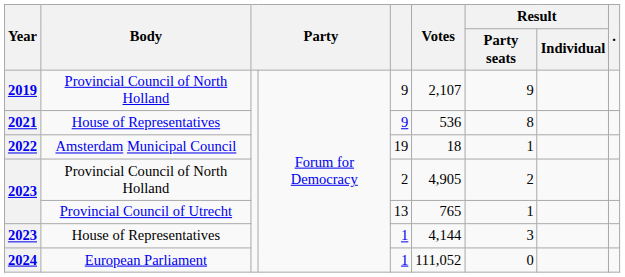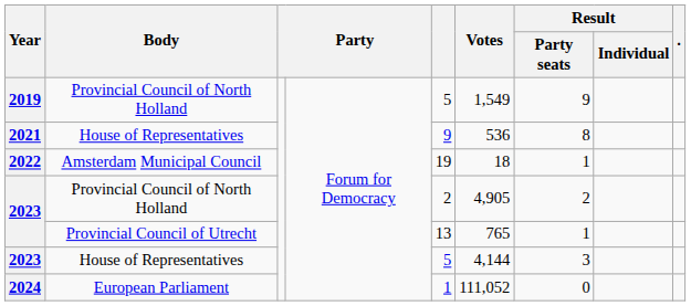 <table class="wikitable plainrowheaders sortable" border=2 cellpadding=4 cellspacing=0 style="border: 1px #aaa solid; font-size: 90%; text-align:center;">
 <tr>
 <th scope="col" rowspan=2>Year</th>
 <th scope="col" rowspan=2>Body</th>
 <th scope="col" colspan=2 rowspan=2>Party</th>
 <th scope="col" rowspan=2></th>
 <th scope="col" rowspan=2>Votes</th>
 <th scope="colgroup" colspan=2>Result</th>
 <th scope="col" rowspan=2 class="unsortable">.</th>
 </tr>
 <tr>
 <th scope="col">Party seats</th>
 <th scope="col">Individual</th>
 </tr>
 <tr>
 <th scope="row"><a href='#'>2019</a></th>
 <td><a href='#'>Provincial Council of North Holland</a></td>
 <td rowspan=7 style="background-color:"></td>
 <td rowspan=7><a href='#'>Forum for Democracy</a></td>
-<td style=text-align:right>9</td>
-<td style=text-align:right>2,107</td>
+<td style=text-align:right>5</td>
+<td style=text-align:right>1,549</td>
 <td style=text-align:right>9</td>
 <td></td>
 <td></td>
 </tr>
 <tr>
 <th scope="row"><a href='#'>2021</a></th>
 <td><a href='#'>House of Representatives</a></td>
 <td style=text-align:right><a href='#'>9</a></td>
 <td style=text-align:right>536</td>
 <td style=text-align:right>8</td>
 <td></td>
 <td></td>
 </tr>
 <tr>
 <th scope="row"><a href='#'>2022</a></th>
 <td><a href='#'>Amsterdam</a> <a href='#'>Municipal Council</a></td>
 <td style=text-align:right>19</td>
 <td style=text-align:right>18</td>
 <td style=text-align:right>1</td>
 <td></td>
 <td></td>
 </tr>
 <tr>
 <th scope="row" rowspan=2><a href='#'>2023</a></th>
 <td>Provincial Council of North Holland</td>
 <td style=text-align:right>2</td>
 <td style=text-align:right>4,905</td>
 <td style=text-align:right>2</td>
 <td></td>
 <td></td>
 </tr>
 <tr>
 <td><a href='#'>Provincial Council of Utrecht</a></td>
 <td style=text-align:right>13</td>
 <td style=text-align:right>765</td>
 <td style=text-align:right>1</td>
 <td></td>
 <td></td>
 </tr>
 <tr>
 <th scope="row"><a href='#'>2023</a></th>
 <td>House of Representatives</td>
-<td style=text-align:right><a href='#'>1</a></td>
+<td style=text-align:right><a href='#'>5</a></td>
 <td style=text-align:right>4,144</td>
 <td style=text-align:right>3</td>
 <td></td>
 <td></td>
 </tr>
 <tr>
 <th scope="row"><a href='#'>2024</a></th>
 <td><a href='#'>European Parliament</a></td>
 <td style=text-align:right><a href='#'>1</a></td>
 <td style=text-align:right>111,052</td>
 <td style=text-align:right>0</td>
 <td></td>
 <td></td>
 </tr>
 </table>
